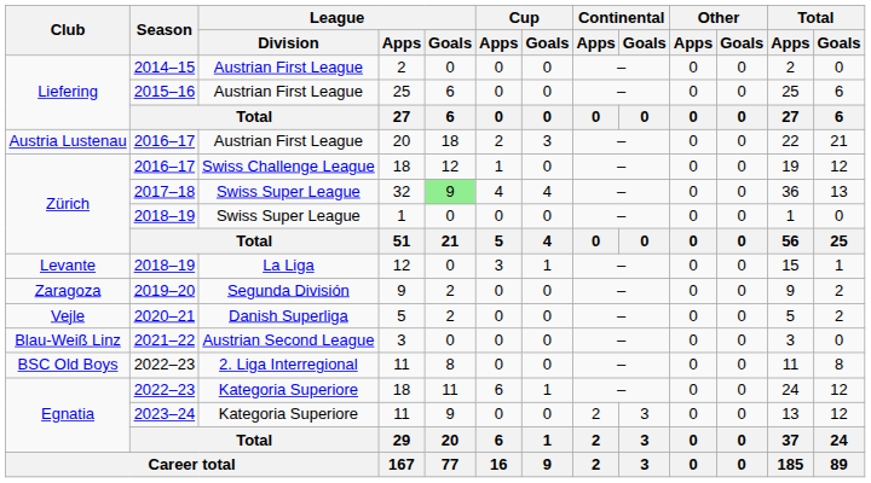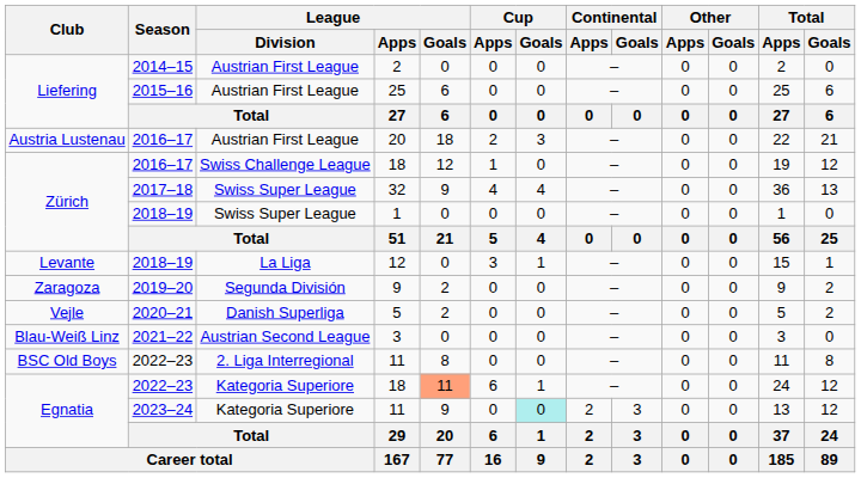 <table class="wikitable"{| class="wikitable" style="text-align:center">
 <tr>
 <th rowspan="2">Club</th>
 <th rowspan="2">Season</th>
 <th colspan="3">League</th>
 <th colspan="2">Cup</th>
 <th colspan="2">Continental</th>
 <th colspan="2">Other</th>
 <th colspan="2">Total</th>
 </tr>
 <tr>
 <th>Division</th>
 <th>Apps</th>
 <th>Goals</th>
 <th>Apps</th>
 <th>Goals</th>
 <th>Apps</th>
 <th>Goals</th>
 <th>Apps</th>
 <th>Goals</th>
 <th>Apps</th>
 <th>Goals</th>
 </tr>
 <tr>
 <td rowspan="3"><a href='#'>Liefering</a></td>
 <td><a href='#'>2014–15</a></td>
 <td><a href='#'>Austrian First League</a></td>
 <td>2</td>
 <td>0</td>
 <td>0</td>
 <td>0</td>
 <td colspan="2">–</td>
 <td>0</td>
 <td>0</td>
 <td>2</td>
 <td>0</td>
 </tr>
 <tr>
 <td><a href='#'>2015–16</a></td>
 <td>Austrian First League</td>
 <td>25</td>
 <td>6</td>
 <td>0</td>
 <td>0</td>
 <td colspan="2">–</td>
 <td>0</td>
 <td>0</td>
 <td>25</td>
 <td>6</td>
 </tr>
 <tr>
 <th colspan="2">Total</th>
 <th>27</th>
 <th>6</th>
 <th>0</th>
 <th>0</th>
 <th>0</th>
 <th>0</th>
 <th>0</th>
 <th>0</th>
 <th>27</th>
 <th>6</th>
 </tr>
 <tr>
 <td><a href='#'>Austria Lustenau</a></td>
 <td><a href='#'>2016–17</a></td>
 <td>Austrian First League</td>
 <td>20</td>
 <td>18</td>
 <td>2</td>
 <td>3</td>
 <td colspan="2">–</td>
 <td>0</td>
 <td>0</td>
 <td>22</td>
 <td>21</td>
 </tr>
 <tr>
 <td rowspan="4"><a href='#'>Zürich</a></td>
 <td><a href='#'>2016–17</a></td>
 <td><a href='#'>Swiss Challenge League</a></td>
 <td>18</td>
 <td>12</td>
 <td>1</td>
 <td>0</td>
 <td colspan="2">–</td>
 <td>0</td>
 <td>0</td>
 <td>19</td>
 <td>12</td>
 </tr>
 <tr>
 <td><a href='#'>2017–18</a></td>
 <td><a href='#'>Swiss Super League</a></td>
 <td>32</td>
-<td style="background: lightgreen;">9</td>
+<td>9</td>
 <td>4</td>
 <td>4</td>
 <td colspan="2">–</td>
 <td>0</td>
 <td>0</td>
 <td>36</td>
 <td>13</td>
 </tr>
 <tr>
 <td><a href='#'>2018–19</a></td>
 <td>Swiss Super League</td>
 <td>1</td>
 <td>0</td>
 <td>0</td>
 <td>0</td>
 <td colspan="2">–</td>
 <td>0</td>
 <td>0</td>
 <td>1</td>
 <td>0</td>
 </tr>
 <tr>
 <th colspan="2">Total</th>
 <th>51</th>
 <th>21</th>
 <th>5</th>
 <th>4</th>
 <th>0</th>
 <th>0</th>
 <th>0</th>
 <th>0</th>
 <th>56</th>
 <th>25</th>
 </tr>
 <tr>
 <td><a href='#'>Levante</a></td>
 <td><a href='#'>2018–19</a></td>
 <td><a href='#'>La Liga</a></td>
 <td>12</td>
 <td>0</td>
 <td>3</td>
 <td>1</td>
 <td colspan="2">–</td>
 <td>0</td>
 <td>0</td>
 <td>15</td>
 <td>1</td>
 </tr>
 <tr>
 <td><a href='#'>Zaragoza</a></td>
 <td><a href='#'>2019–20</a></td>
 <td><a href='#'>Segunda División</a></td>
 <td>9</td>
 <td>2</td>
 <td>0</td>
 <td>0</td>
 <td colspan="2">–</td>
 <td>0</td>
 <td>0</td>
 <td>9</td>
 <td>2</td>
 </tr>
 <tr>
 <td><a href='#'>Vejle</a></td>
 <td><a href='#'>2020–21</a></td>
 <td><a href='#'>Danish Superliga</a></td>
 <td>5</td>
 <td>2</td>
 <td>0</td>
 <td>0</td>
 <td colspan="2">–</td>
 <td>0</td>
 <td>0</td>
 <td>5</td>
 <td>2</td>
 </tr>
 <tr>
 <td><a href='#'>Blau-Weiß Linz</a></td>
 <td><a href='#'>2021–22</a></td>
 <td><a href='#'>Austrian Second League</a></td>
 <td>3</td>
 <td>0</td>
 <td>0</td>
 <td>0</td>
 <td colspan="2">–</td>
 <td>0</td>
 <td>0</td>
 <td>3</td>
 <td>0</td>
 </tr>
 <tr>
 <td><a href='#'>BSC Old Boys</a></td>
 <td>2022–23</td>
 <td><a href='#'>2. Liga Interregional</a></td>
 <td>11</td>
 <td>8</td>
 <td>0</td>
 <td>0</td>
 <td colspan="2">–</td>
 <td>0</td>
 <td>0</td>
 <td>11</td>
 <td>8</td>
 </tr>
 <tr>
 <td rowspan="3"><a href='#'>Egnatia</a></td>
 <td><a href='#'>2022–23</a></td>
 <td><a href='#'>Kategoria Superiore</a></td>
 <td>18</td>
-<td>11</td>
+<td style="background: lightsalmon;">11</td>
 <td>6</td>
 <td>1</td>
 <td colspan="2">–</td>
 <td>0</td>
 <td>0</td>
 <td>24</td>
 <td>12</td>
 </tr>
 <tr>
 <td><a href='#'>2023–24</a></td>
 <td>Kategoria Superiore</td>
 <td>11</td>
 <td>9</td>
 <td>0</td>
-<td>0</td>
+<td style="background: paleturquoise;">0</td>
 <td>2</td>
 <td>3</td>
 <td>0</td>
 <td>0</td>
 <td>13</td>
 <td>12</td>
 </tr>
 <tr>
 <th colspan="2">Total</th>
 <th>29</th>
 <th>20</th>
 <th>6</th>
 <th>1</th>
 <th>2</th>
 <th>3</th>
 <th>0</th>
 <th>0</th>
 <th>37</th>
 <th>24</th>
 </tr>
 <tr>
 <th colspan="3">Career total</th>
 <th>167</th>
 <th>77</th>
 <th>16</th>
 <th>9</th>
 <th>2</th>
 <th>3</th>
 <th>0</th>
 <th>0</th>
 <th>185</th>
 <th>89</th>
 </tr>
 </table>
